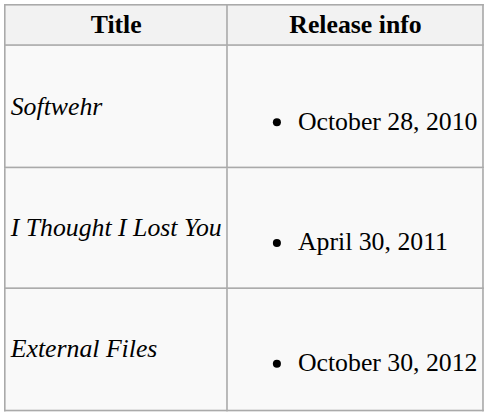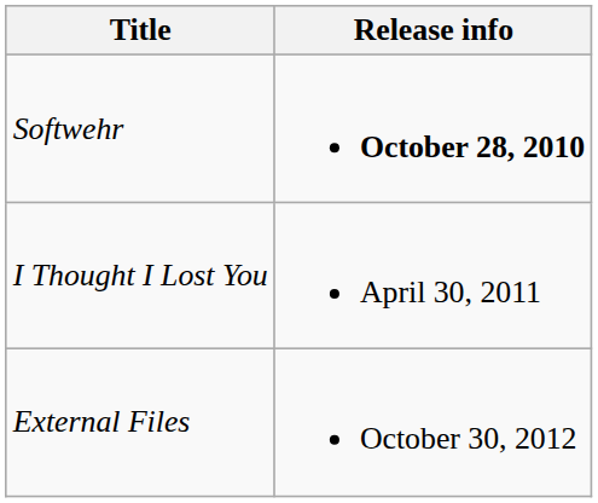 <table class="wikitable">
 <tr>
 <th>Title</th>
 <th>Release info</th>
 </tr>
 <tr>
 <td><em>Softwehr</em></td>
-<td><br><ul><li>October 28, 2010</li></ul></td>
+<td><strong><br><ul><li>October 28, 2010</li></ul></strong></td>
 </tr>
 <tr>
 <td><em>I Thought I Lost You</em></td>
 <td><br><ul><li>April 30, 2011</li></ul></td>
 </tr>
 <tr>
 <td><em>External Files</em></td>
 <td><br><ul><li>October 30, 2012</li></ul></td>
 </tr>
 </table>
